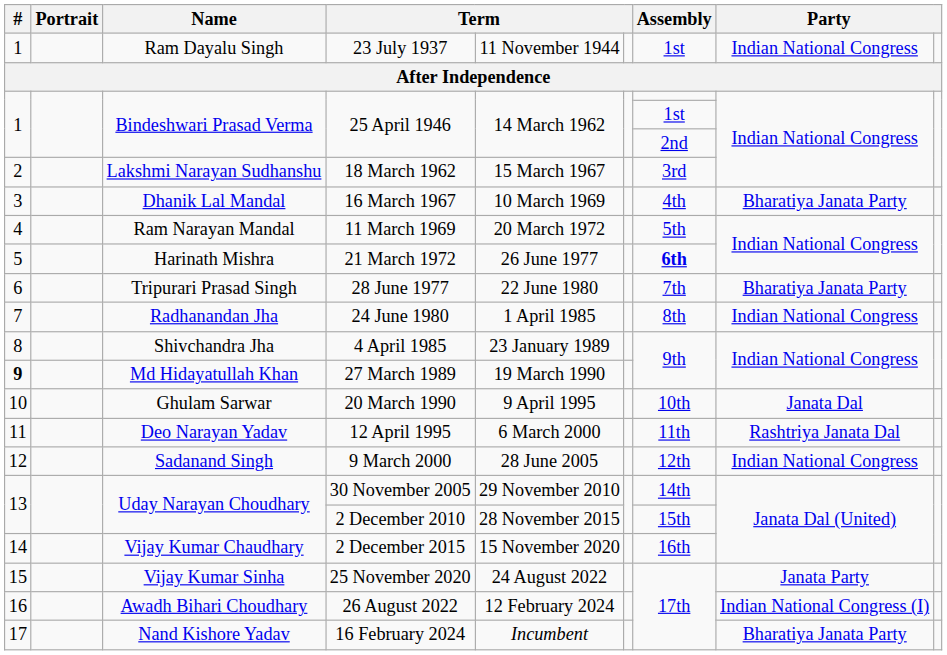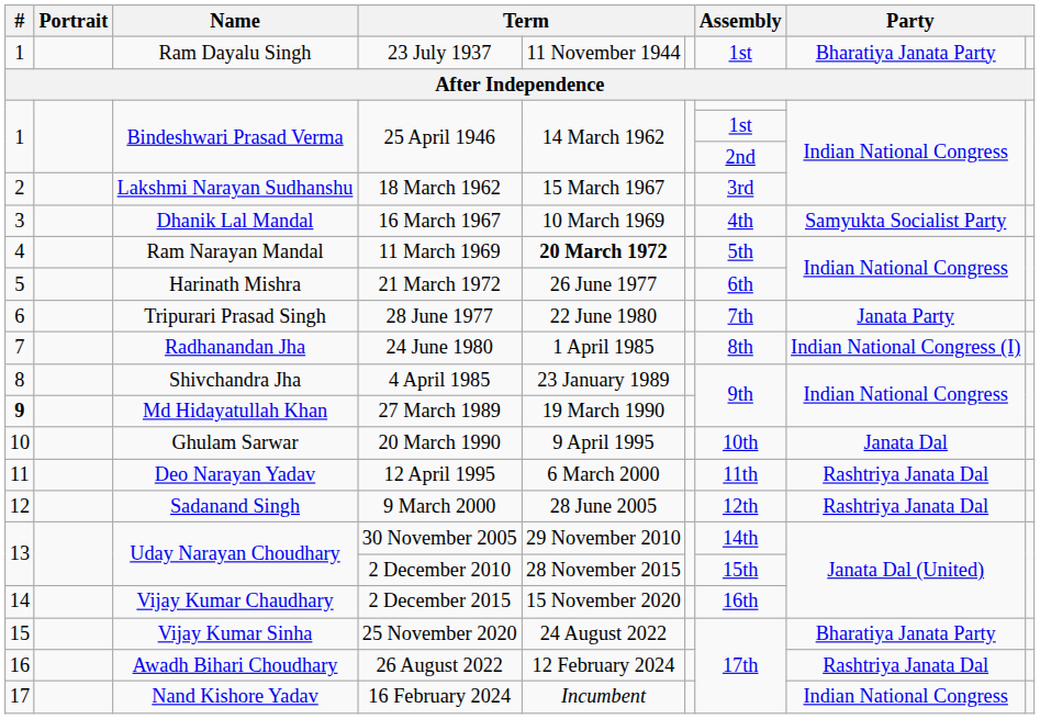 <table class="wikitable" style="text-align:center">
 <tr>
 <th>#</th>
 <th>Portrait</th>
 <th>Name</th>
 <th colspan="3">Term</th>
 <th>Assembly</th>
 <th colspan="2">Party</th>
 </tr>
 <tr>
 <td>1</td>
 <td></td>
 <td>Ram Dayalu Singh</td>
 <td>23 July 1937</td>
 <td>11 November 1944</td>
 <td></td>
 <td><a href='#'>1st</a></td>
-<td><a href='#'>Indian National Congress</a></td>
+<td><a href='#'>Bharatiya Janata Party</a></td>
 <td style="background-color:"></td>
 </tr>
 <tr>
 <th colspan="9">After Independence</th>
 </tr>
 <tr>
 <td rowspan="3">1</td>
 <td rowspan="3"></td>
 <td rowspan="3"><a href='#'>Bindeshwari Prasad Verma</a></td>
 <td rowspan="3">25 April 1946</td>
 <td rowspan="3">14 March 1962</td>
 <td rowspan="3"></td>
 <td></td>
 <td rowspan="4"><a href='#'>Indian National Congress</a></td>
 <td rowspan="4" style="background-color:"></td>
 </tr>
 <tr>
 <td><a href='#'>1st</a></td>
 </tr>
 <tr>
 <td><a href='#'>2nd</a></td>
 </tr>
 <tr>
 <td>2</td>
 <td></td>
 <td><a href='#'>Lakshmi Narayan Sudhanshu</a></td>
 <td>18 March 1962</td>
 <td>15 March 1967</td>
 <td></td>
 <td><a href='#'>3rd</a></td>
 </tr>
 <tr>
 <td>3</td>
 <td></td>
 <td><a href='#'>Dhanik Lal Mandal</a></td>
 <td>16 March 1967</td>
 <td>10 March 1969</td>
 <td></td>
 <td><a href='#'>4th</a></td>
-<td><a href='#'>Bharatiya Janata Party</a></td>
+<td><a href='#'>Samyukta Socialist Party</a></td>
 <td style="background-color:"></td>
 </tr>
 <tr>
 <td>4</td>
 <td></td>
 <td>Ram Narayan Mandal</td>
 <td>11 March 1969</td>
-<td>20 March 1972</td>
+<td><strong>20 March 1972</strong></td>
 <td></td>
 <td><a href='#'>5th</a></td>
 <td rowspan="2"><a href='#'>Indian National Congress</a></td>
 <td rowspan="2" style="background-color:"></td>
 </tr>
 <tr>
 <td>5</td>
 <td></td>
 <td>Harinath Mishra</td>
 <td>21 March 1972</td>
 <td>26 June 1977</td>
 <td></td>
-<td><strong><a href='#'>6th</a></strong></td>
+<td><a href='#'>6th</a></td>
 </tr>
 <tr>
 <td>6</td>
 <td></td>
 <td>Tripurari Prasad Singh</td>
 <td>28 June 1977</td>
 <td>22 June 1980</td>
 <td></td>
 <td><a href='#'>7th</a></td>
-<td><a href='#'>Bharatiya Janata Party</a></td>
+<td><a href='#'>Janata Party</a></td>
 <td style="background-color:"></td>
 </tr>
 <tr>
 <td>7</td>
 <td></td>
 <td><a href='#'>Radhanandan Jha</a></td>
 <td>24 June 1980</td>
 <td>1 April 1985</td>
 <td></td>
 <td><a href='#'>8th</a></td>
-<td><a href='#'>Indian National Congress</a></td>
+<td><a href='#'>Indian National Congress (I)</a></td>
 <td style="background-color:"></td>
 </tr>
 <tr>
 <td>8</td>
 <td></td>
 <td>Shivchandra Jha</td>
 <td>4 April 1985</td>
 <td>23 January 1989</td>
 <td></td>
 <td rowspan="2"><a href='#'>9th</a></td>
 <td rowspan="2"><a href='#'>Indian National Congress</a></td>
 <td rowspan="2" style="background-color:"></td>
 </tr>
 <tr>
 <td><strong>9</strong></td>
 <td></td>
 <td><a href='#'>Md Hidayatullah Khan</a></td>
 <td>27 March 1989</td>
 <td>19 March 1990</td>
 <td></td>
 </tr>
 <tr>
 <td>10</td>
 <td></td>
 <td>Ghulam Sarwar</td>
 <td>20 March 1990</td>
 <td>9 April 1995</td>
 <td></td>
 <td><a href='#'>10th</a></td>
 <td rowspan="2"><a href='#'>Janata Dal</a></td>
 <td rowspan="2" style="background-color:"></td>
 </tr>
 <tr>
 <td rowspan="2">11</td>
 <td rowspan="2"></td>
 <td rowspan="2"><a href='#'>Deo Narayan Yadav</a></td>
 <td rowspan="2">12 April 1995</td>
 <td rowspan="2">6 March 2000</td>
 <td rowspan="2"></td>
 <td rowspan="2"><a href='#'>11th</a></td>
 </tr>
 <tr>
 <td><a href='#'>Rashtriya Janata Dal</a></td>
 <td style="background-color:"></td>
 </tr>
 <tr>
 <td>12</td>
 <td></td>
 <td><a href='#'>Sadanand Singh</a></td>
 <td>9 March 2000</td>
 <td>28 June 2005</td>
 <td></td>
 <td><a href='#'>12th</a></td>
-<td><a href='#'>Indian National Congress</a></td>
+<td><a href='#'>Rashtriya Janata Dal</a></td>
 <td style="background-color:"></td>
 </tr>
 <tr>
 <td rowspan="2">13</td>
 <td rowspan="2"></td>
 <td rowspan="2"><a href='#'>Uday Narayan Choudhary</a></td>
 <td>30 November 2005</td>
 <td>29 November 2010</td>
 <td rowspan="2"></td>
 <td><a href='#'>14th</a></td>
 <td rowspan="3"><a href='#'>Janata Dal (United)</a></td>
 <td rowspan="3" style="background-color:"></td>
 </tr>
 <tr>
 <td>2 December 2010</td>
 <td>28 November 2015</td>
 <td><a href='#'>15th</a></td>
 </tr>
 <tr>
 <td>14</td>
 <td></td>
 <td><a href='#'>Vijay Kumar Chaudhary</a></td>
 <td>2 December 2015</td>
 <td>15 November 2020</td>
 <td></td>
 <td><a href='#'>16th</a></td>
 </tr>
 <tr>
 <td>15</td>
 <td></td>
 <td><a href='#'>Vijay Kumar Sinha</a></td>
 <td>25 November 2020</td>
 <td>24 August 2022</td>
 <td></td>
 <td rowspan="3"><a href='#'>17th</a></td>
-<td><a href='#'>Janata Party</a></td>
+<td><a href='#'>Bharatiya Janata Party</a></td>
 <td style="background-color:"></td>
 </tr>
 <tr>
 <td>16</td>
 <td></td>
 <td><a href='#'>Awadh Bihari Choudhary</a></td>
 <td>26 August 2022</td>
 <td>12 February 2024</td>
 <td></td>
-<td><a href='#'>Indian National Congress (I)</a></td>
+<td><a href='#'>Rashtriya Janata Dal</a></td>
 <td style="background-color:"></td>
 </tr>
 <tr>
 <td>17</td>
 <td></td>
 <td><a href='#'>Nand Kishore Yadav</a></td>
 <td>16 February 2024</td>
 <td><em>Incumbent</em></td>
 <td></td>
-<td><a href='#'>Bharatiya Janata Party</a></td>
+<td><a href='#'>Indian National Congress</a></td>
 <td style="background-color:"></td>
 </tr>
 </table>
